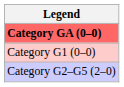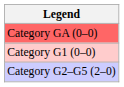 <table class=wikitable style="font-size:85%">
 <tr>
 <th>Legend</th>
 </tr>
 <tr bgcolor=FF6666>
-<td><strong>Category GA (0–0)</strong></td>
+<td>Category GA (0–0)</td>
 </tr>
 <tr bgcolor=ffcccc>
 <td>Category G1 (0–0)</td>
 </tr>
 <tr bgcolor=ccccff>
 <td>Category G2–G5 (2–0)</td>
 </tr>
 </table>
